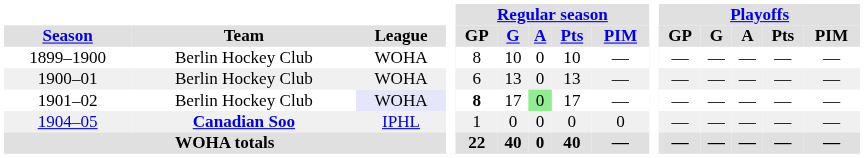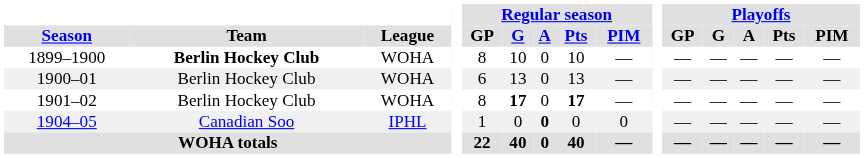 <table border="0" cellpadding="1" cellspacing="0" style="text-align:center; width:50em">
 <tr bgcolor="#e0e0e0">
 <th colspan="3" bgcolor="#ffffff"> </th>
 <th rowspan="99" bgcolor="#ffffff"> </th>
 <th colspan="5"><a href='#'>Regular season</a></th>
 <th rowspan="99" bgcolor="#ffffff"> </th>
 <th colspan="5"><a href='#'>Playoffs</a></th>
 </tr>
 <tr bgcolor="#e0e0e0">
 <th><a href='#'>Season</a></th>
 <th>Team</th>
 <th>League</th>
 <th>GP</th>
 <th><a href='#'>G</a></th>
 <th><a href='#'>A</a></th>
 <th><a href='#'>Pts</a></th>
 <th><a href='#'>PIM</a></th>
 <th>GP</th>
 <th>G</th>
 <th>A</th>
 <th>Pts</th>
 <th>PIM</th>
 </tr>
 <tr>
 <td>1899–1900</td>
-<td>Berlin Hockey Club</td>
+<td><strong>Berlin Hockey Club</strong></td>
 <td>WOHA</td>
 <td>8</td>
 <td>10</td>
 <td>0</td>
 <td>10</td>
 <td>—</td>
 <td>—</td>
 <td>—</td>
 <td>—</td>
 <td>—</td>
 <td>—</td>
 </tr>
 <tr bgcolor="#f0f0f0">
 <td>1900–01</td>
 <td>Berlin Hockey Club</td>
 <td>WOHA</td>
 <td>6</td>
 <td>13</td>
 <td>0</td>
 <td>13</td>
 <td>—</td>
 <td>—</td>
 <td>—</td>
 <td>—</td>
 <td>—</td>
 <td>—</td>
 </tr>
 <tr>
 <td>1901–02</td>
 <td>Berlin Hockey Club</td>
-<td style="background: lavender;">WOHA</td>
-<td><strong>8</strong></td>
-<td>17</td>
-<td style="background: lightgreen;">0</td>
-<td>17</td>
+<td>WOHA</td>
+<td>8</td>
+<td><strong>17</strong></td>
+<td>0</td>
+<td><strong>17</strong></td>
 <td>—</td>
 <td>—</td>
 <td>—</td>
 <td>—</td>
 <td>—</td>
 <td>—</td>
 </tr>
 <tr bgcolor="#f0f0f0">
 <td><a href='#'>1904–05</a></td>
-<td><strong><a href='#'>Canadian Soo</a></strong></td>
+<td><a href='#'>Canadian Soo</a></td>
 <td><a href='#'>IPHL</a></td>
 <td>1</td>
 <td>0</td>
-<td>0</td>
+<td><strong>0</strong></td>
 <td>0</td>
 <td>0</td>
 <td>—</td>
 <td>—</td>
 <td>—</td>
 <td>—</td>
 <td>—</td>
 </tr>
 <tr bgcolor="#e0e0e0">
 <th colspan="3">WOHA totals</th>
 <th>22</th>
 <th>40</th>
 <th>0</th>
 <th>40</th>
 <th>—</th>
 <th>—</th>
 <th>—</th>
 <th>—</th>
 <th>—</th>
 <th>—</th>
 </tr>
 </table>
